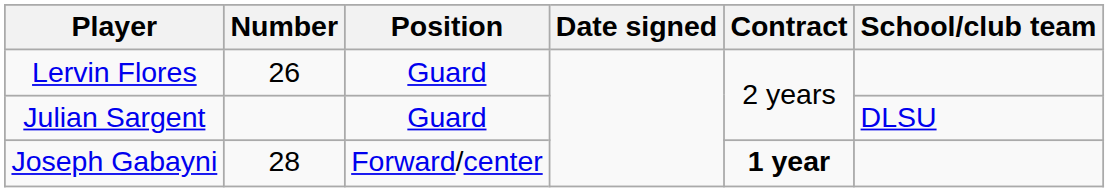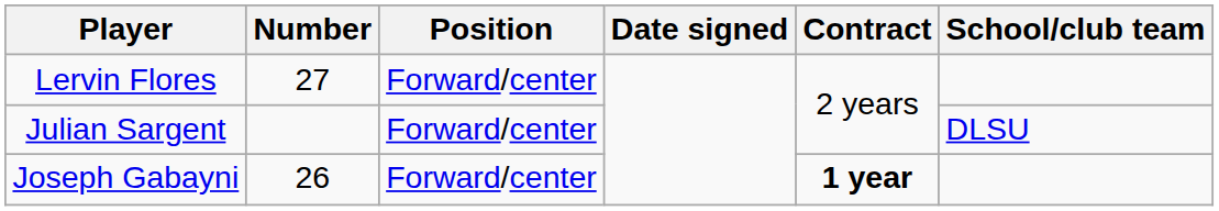 <table class="wikitable sortable sortable">
 <tr>
 <th>Player</th>
 <th>Number</th>
 <th>Position</th>
 <th>Date signed</th>
 <th>Contract</th>
 <th>School/club team</th>
 </tr>
 <tr>
 <td align=center><a href='#'>Lervin Flores</a></td>
-<td align=center>26</td>
-<td align=center><a href='#'>Guard</a></td>
+<td align=center>27</td>
+<td align=center><a href='#'>Forward</a>/<a href='#'>center</a></td>
 <td align=center rowspan=3></td>
 <td align=center rowspan=2>2 years</td>
 <td></td>
 </tr>
 <tr>
 <td align=center><a href='#'>Julian Sargent</a></td>
 <td align=center></td>
-<td align=center><a href='#'>Guard</a></td>
+<td align=center><a href='#'>Forward</a>/<a href='#'>center</a></td>
 <td><a href='#'>DLSU</a></td>
 </tr>
 <tr>
 <td align=center><a href='#'>Joseph Gabayni</a></td>
-<td align=center>28</td>
+<td align=center>26</td>
 <td align=center><a href='#'>Forward</a>/<a href='#'>center</a></td>
 <td align=center><strong>1 year</strong></td>
 <td></td>
 </tr>
 </table>
